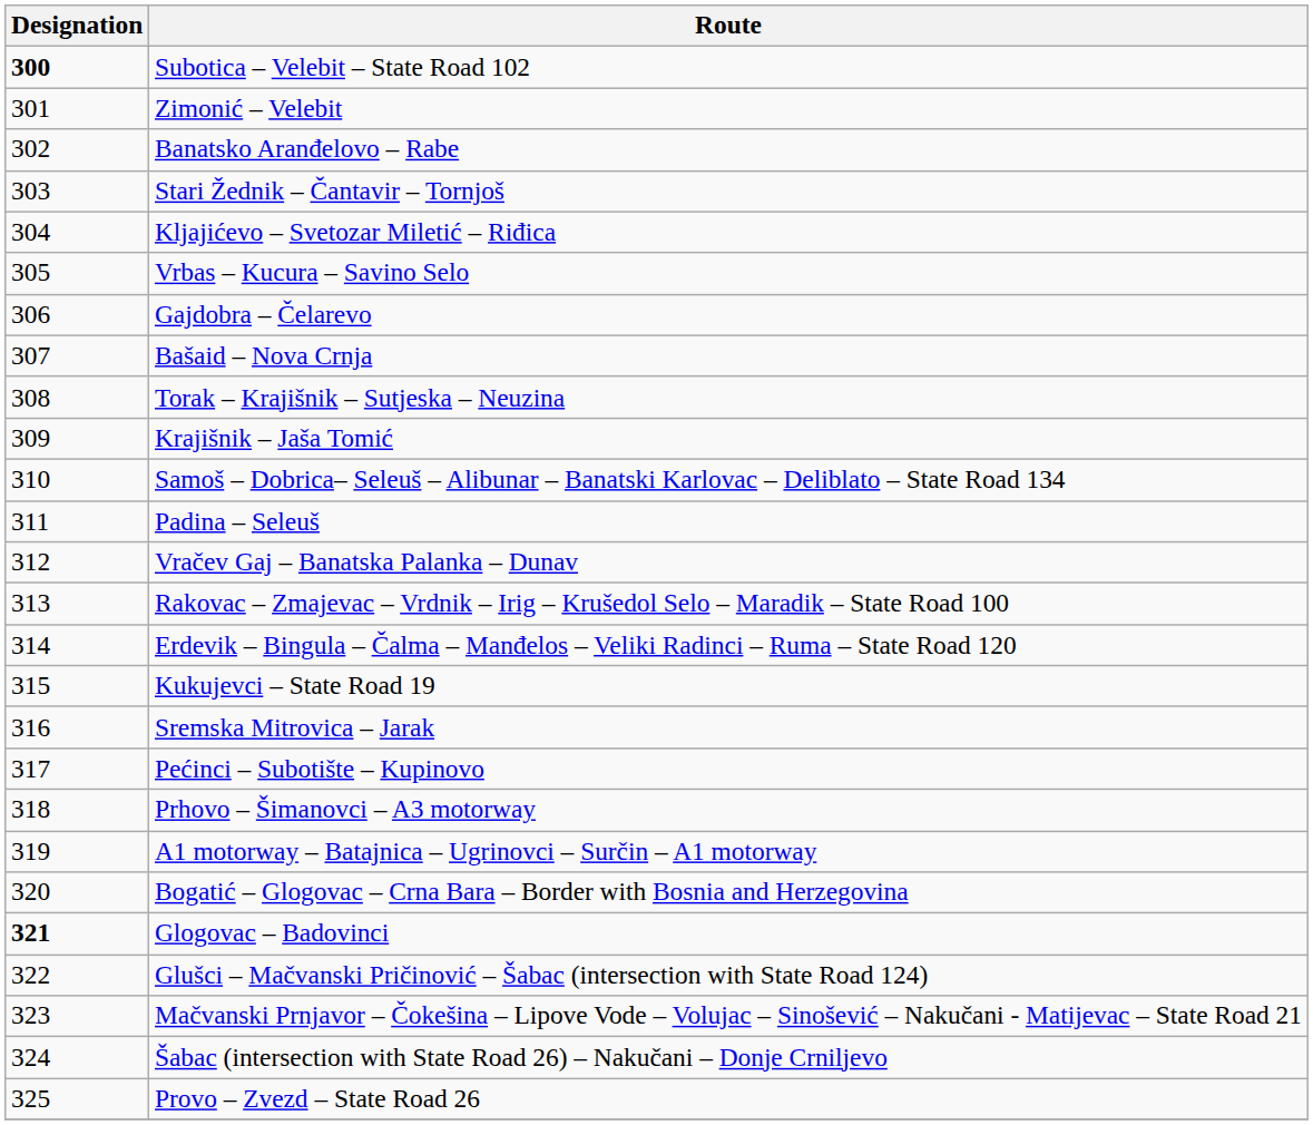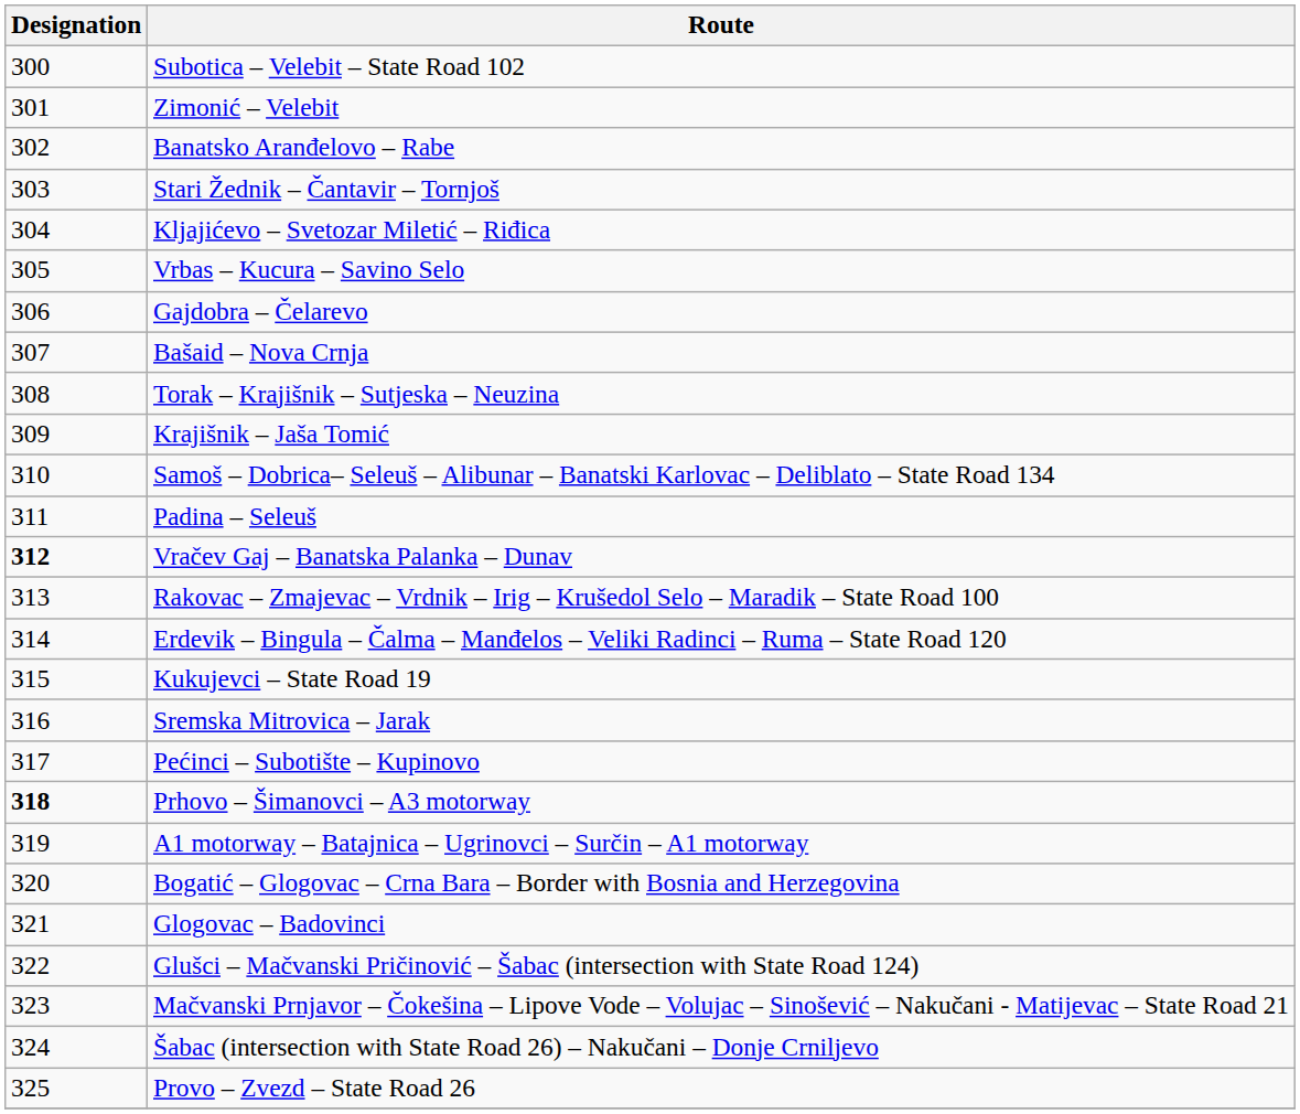 <table class="wikitable">
 <tr>
 <th>Designation</th>
 <th>Route</th>
 </tr>
 <tr>
-<td><strong>300</strong></td>
+<td>300</td>
 <td><a href='#'>Subotica</a> – <a href='#'>Velebit</a> – State Road 102</td>
 </tr>
 <tr>
 <td>301</td>
 <td><a href='#'>Zimonić</a> – <a href='#'>Velebit</a></td>
 </tr>
 <tr>
 <td>302</td>
 <td><a href='#'>Banatsko Aranđelovo</a> – <a href='#'>Rabe</a></td>
 </tr>
 <tr>
 <td>303</td>
 <td><a href='#'>Stari Žednik</a> – <a href='#'>Čantavir</a> – <a href='#'>Tornjoš</a></td>
 </tr>
 <tr>
 <td>304</td>
 <td><a href='#'>Kljajićevo</a> – <a href='#'>Svetozar Miletić</a> – <a href='#'>Riđica</a></td>
 </tr>
 <tr>
 <td>305</td>
 <td><a href='#'>Vrbas</a> – <a href='#'>Kucura</a> – <a href='#'>Savino Selo</a></td>
 </tr>
 <tr>
 <td>306</td>
 <td><a href='#'>Gajdobra</a> – <a href='#'>Čelarevo</a></td>
 </tr>
 <tr>
 <td>307</td>
 <td><a href='#'>Bašaid</a> – <a href='#'>Nova Crnja</a></td>
 </tr>
 <tr>
 <td>308</td>
 <td><a href='#'>Torak</a> – <a href='#'>Krajišnik</a> – <a href='#'>Sutjeska</a> – <a href='#'>Neuzina</a></td>
 </tr>
 <tr>
 <td>309</td>
 <td><a href='#'>Krajišnik</a> – <a href='#'>Jaša Tomić</a></td>
 </tr>
 <tr>
 <td>310</td>
 <td><a href='#'>Samoš</a> – <a href='#'>Dobrica</a>– <a href='#'>Seleuš</a> – <a href='#'>Alibunar</a> – <a href='#'>Banatski Karlovac</a> – <a href='#'>Deliblato</a> – State Road 134</td>
 </tr>
 <tr>
 <td>311</td>
 <td><a href='#'>Padina</a> – <a href='#'>Seleuš</a></td>
 </tr>
 <tr>
-<td>312</td>
+<td><strong>312</strong></td>
 <td><a href='#'>Vračev Gaj</a> – <a href='#'>Banatska Palanka</a> – <a href='#'>Dunav</a></td>
 </tr>
 <tr>
 <td>313</td>
 <td><a href='#'>Rakovac</a> – <a href='#'>Zmajevac</a> – <a href='#'>Vrdnik</a> – <a href='#'>Irig</a> – <a href='#'>Krušedol Selo</a> – <a href='#'>Maradik</a> – State Road 100</td>
 </tr>
 <tr>
 <td>314</td>
 <td><a href='#'>Erdevik</a> – <a href='#'>Bingula</a> – <a href='#'>Čalma</a> – <a href='#'>Manđelos</a> – <a href='#'>Veliki Radinci</a> – <a href='#'>Ruma</a> – State Road 120</td>
 </tr>
 <tr>
 <td>315</td>
 <td><a href='#'>Kukujevci</a> – State Road 19</td>
 </tr>
 <tr>
 <td>316</td>
 <td><a href='#'>Sremska Mitrovica</a> – <a href='#'>Jarak</a></td>
 </tr>
 <tr>
 <td>317</td>
 <td><a href='#'>Pećinci</a> – <a href='#'>Subotište</a> – <a href='#'>Kupinovo</a></td>
 </tr>
 <tr>
-<td>318</td>
+<td><strong>318</strong></td>
 <td><a href='#'>Prhovo</a> – <a href='#'>Šimanovci</a> – <a href='#'>A3 motorway</a></td>
 </tr>
 <tr>
 <td>319</td>
 <td><a href='#'>A1 motorway</a> – <a href='#'>Batajnica</a> – <a href='#'>Ugrinovci</a> – <a href='#'>Surčin</a> – <a href='#'>A1 motorway</a></td>
 </tr>
 <tr>
 <td>320</td>
 <td><a href='#'>Bogatić</a> – <a href='#'>Glogovac</a> – <a href='#'>Crna Bara</a> – Border with <a href='#'>Bosnia and Herzegovina</a></td>
 </tr>
 <tr>
-<td><strong>321</strong></td>
+<td>321</td>
 <td><a href='#'>Glogovac</a> – <a href='#'>Badovinci</a></td>
 </tr>
 <tr>
 <td>322</td>
 <td><a href='#'>Glušci</a> – <a href='#'>Mačvanski Pričinović</a> – <a href='#'>Šabac</a> (intersection with State Road 124)</td>
 </tr>
 <tr>
 <td>323</td>
 <td><a href='#'>Mačvanski Prnjavor</a> – <a href='#'>Čokešina</a> – Lipove Vode – <a href='#'>Volujac</a> – <a href='#'>Sinošević</a> – Nakučani - <a href='#'>Matijevac</a> – State Road 21</td>
 </tr>
 <tr>
 <td>324</td>
 <td><a href='#'>Šabac</a> (intersection with State Road 26) – Nakučani – <a href='#'>Donje Crniljevo</a></td>
 </tr>
 <tr>
 <td>325</td>
 <td><a href='#'>Provo</a> – <a href='#'>Zvezd</a> – State Road 26</td>
 </tr>
 <tr>
 </tr>
 </table>
